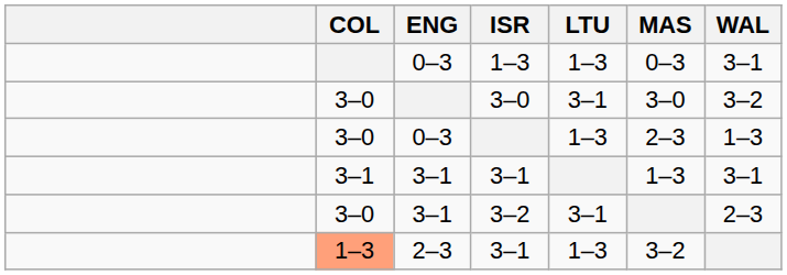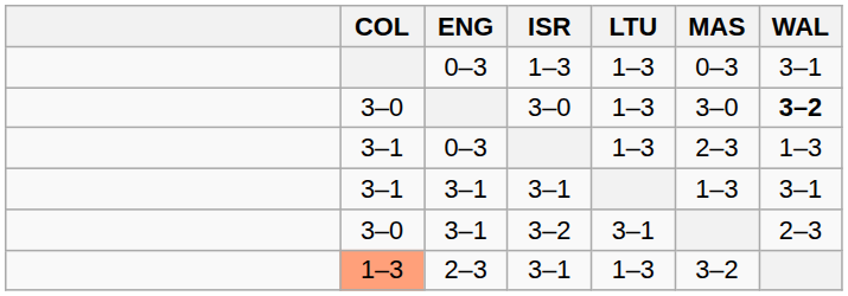 <table class="wikitable" style="text-align:center; font-size:90%">
 <tr>
 <th width="180"> </th>
 <th width="40">COL</th>
 <th width="40">ENG</th>
 <th width="40">ISR</th>
 <th width="40">LTU</th>
 <th width="40">MAS</th>
 <th width="40">WAL</th>
 </tr>
 <tr>
 <td style="text-align:left;"></td>
 <th></th>
 <td>0–3</td>
 <td>1–3</td>
 <td>1–3</td>
 <td>0–3</td>
 <td>3–1</td>
 </tr>
 <tr>
 <td style="text-align:left;"></td>
 <td>3–0</td>
 <th></th>
 <td>3–0</td>
-<td>3–1</td>
+<td>1–3</td>
 <td>3–0</td>
-<td>3–2</td>
+<td><strong>3–2</strong></td>
 </tr>
 <tr>
 <td style="text-align:left;"></td>
-<td>3–0</td>
+<td>3–1</td>
 <td>0–3</td>
 <th></th>
 <td>1–3</td>
 <td>2–3</td>
 <td>1–3</td>
 </tr>
 <tr>
 <td style="text-align:left;"></td>
 <td>3–1</td>
 <td>3–1</td>
 <td>3–1</td>
 <th></th>
 <td>1–3</td>
 <td>3–1</td>
 </tr>
 <tr>
 <td style="text-align:left;"></td>
 <td>3–0</td>
 <td>3–1</td>
 <td>3–2</td>
 <td>3–1</td>
 <th></th>
 <td>2–3</td>
 </tr>
 <tr>
 <td style="text-align:left;"></td>
 <td style="background: lightsalmon;">1–3</td>
 <td>2–3</td>
 <td>3–1</td>
 <td>1–3</td>
 <td>3–2</td>
 <th></th>
 </tr>
 </table>
